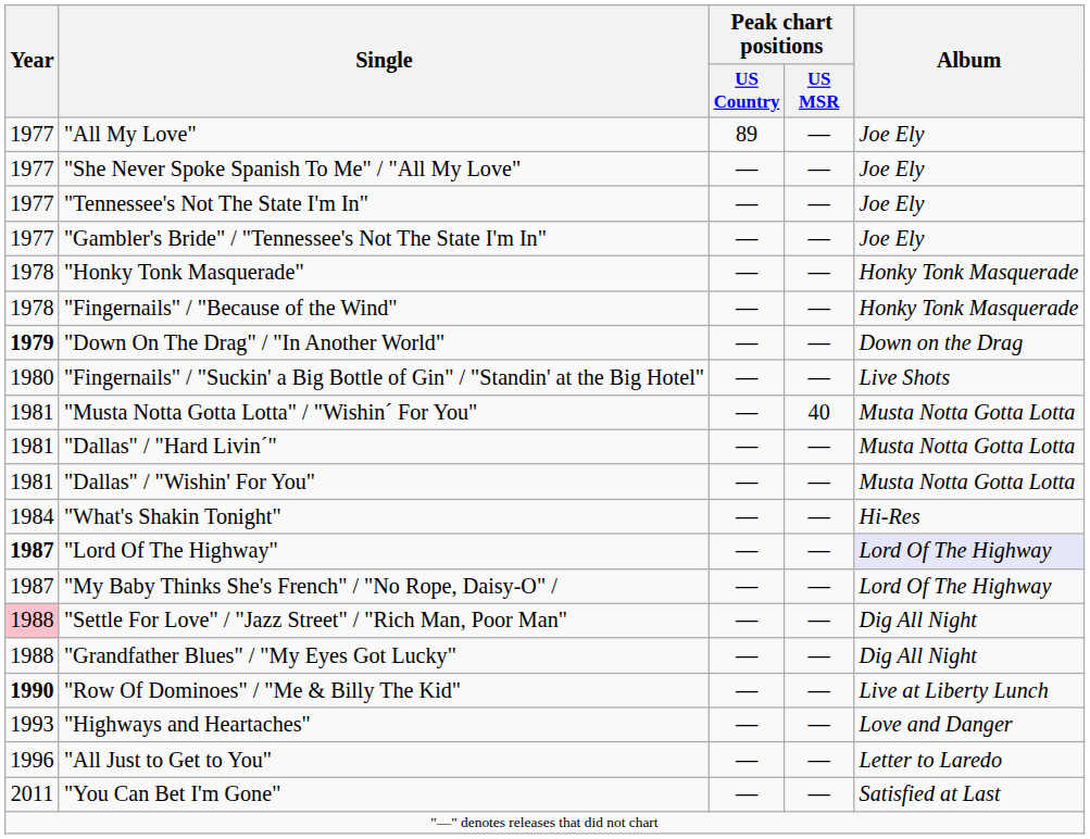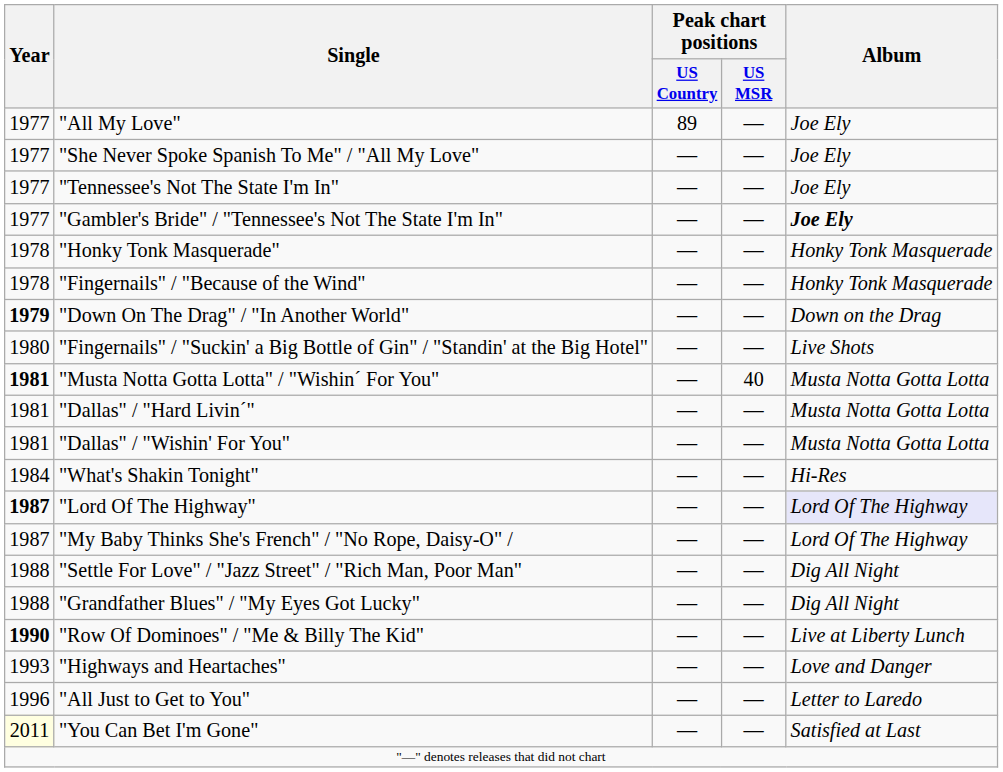 <table class="wikitable" style="text-align:center;">
 <tr>
 <th rowspan="2">Year</th>
 <th rowspan="2">Single</th>
 <th colspan="2">Peak chart<br>positions</th>
 <th rowspan="2">Album</th>
 </tr>
 <tr style="font-size:smaller;">
 <th style="width:45px;"><a href='#'>US Country</a></th>
 <th style="width:45px;"><a href='#'>US MSR</a></th>
 </tr>
 <tr>
 <td>1977</td>
 <td style="text-align:left;">"All My Love"</td>
 <td>89</td>
 <td>—</td>
 <td style="text-align:left;"><em>Joe Ely</em></td>
 </tr>
 <tr>
 <td>1977</td>
 <td style="text-align:left;">"She Never Spoke Spanish To Me" / "All My Love"</td>
 <td>—</td>
 <td>—</td>
 <td style="text-align:left;"><em>Joe Ely</em></td>
 </tr>
 <tr>
 <td>1977</td>
 <td style="text-align:left;">"Tennessee's Not The State I'm In"</td>
 <td>—</td>
 <td>—</td>
 <td style="text-align:left;"><em>Joe Ely</em></td>
 </tr>
 <tr>
 <td>1977</td>
 <td style="text-align:left;">"Gambler's Bride" / "Tennessee's Not The State I'm In"</td>
 <td>—</td>
 <td>—</td>
-<td style="text-align:left;"><em>Joe Ely</em></td>
+<td style="text-align:left;"><strong><em>Joe Ely</em></strong></td>
 </tr>
 <tr>
 <td>1978</td>
 <td style="text-align:left;">"Honky Tonk Masquerade"</td>
 <td>—</td>
 <td>—</td>
 <td style="text-align:left;"><em>Honky Tonk Masquerade</em></td>
 </tr>
 <tr>
 <td>1978</td>
 <td style="text-align:left;">"Fingernails" / "Because of the Wind"</td>
 <td>—</td>
 <td>—</td>
 <td style="text-align:left;"><em>Honky Tonk Masquerade</em></td>
 </tr>
 <tr>
 <td><strong>1979</strong></td>
 <td style="text-align:left;">"Down On The Drag" / "In Another World"</td>
 <td>—</td>
 <td>—</td>
 <td style="text-align:left;"><em>Down on the Drag</em></td>
 </tr>
 <tr>
 <td>1980</td>
 <td style="text-align:left;">"Fingernails" / "Suckin' a Big Bottle of Gin" / "Standin' at the Big Hotel"</td>
 <td>—</td>
 <td>—</td>
 <td style="text-align:left;"><em>Live Shots</em></td>
 </tr>
 <tr>
-<td>1981</td>
+<td><strong>1981</strong></td>
 <td style="text-align:left;">"Musta Notta Gotta Lotta" / "Wishin´ For You"</td>
 <td>—</td>
 <td>40</td>
 <td style="text-align:left;"><em>Musta Notta Gotta Lotta</em></td>
 </tr>
 <tr>
 <td>1981</td>
 <td style="text-align:left;">"Dallas" / "Hard Livin´"</td>
 <td>—</td>
 <td>—</td>
 <td style="text-align:left;"><em>Musta Notta Gotta Lotta</em></td>
 </tr>
 <tr>
 <td>1981</td>
 <td style="text-align:left;">"Dallas" / "Wishin' For You"</td>
 <td>—</td>
 <td>—</td>
 <td style="text-align:left;"><em>Musta Notta Gotta Lotta</em></td>
 </tr>
 <tr>
 <td>1984</td>
 <td style="text-align:left;">"What's Shakin Tonight"</td>
 <td>—</td>
 <td>—</td>
 <td style="text-align:left;"><em>Hi-Res</em></td>
 </tr>
 <tr>
 <td><strong>1987</strong></td>
 <td style="text-align:left;">"Lord Of The Highway"</td>
 <td>—</td>
 <td>—</td>
 <td style="background: lavender; text-align:left;"><em>Lord Of The Highway</em></td>
 </tr>
 <tr>
 <td>1987</td>
 <td style="text-align:left;">"My Baby Thinks She's French" / "No Rope, Daisy-O" /</td>
 <td>—</td>
 <td>—</td>
 <td style="text-align:left;"><em>Lord Of The Highway</em></td>
 </tr>
 <tr>
-<td style="background: pink;">1988</td>
+<td>1988</td>
 <td style="text-align:left;">"Settle For Love" / "Jazz Street" / "Rich Man, Poor Man"</td>
 <td>—</td>
 <td>—</td>
 <td style="text-align:left;"><em>Dig All Night</em></td>
 </tr>
 <tr>
 <td>1988</td>
 <td style="text-align:left;">"Grandfather Blues" / "My Eyes Got Lucky"</td>
 <td>—</td>
 <td>—</td>
 <td style="text-align:left;"><em>Dig All Night</em></td>
 </tr>
 <tr>
 <td><strong>1990</strong></td>
 <td style="text-align:left;">"Row Of Dominoes" / "Me & Billy The Kid"</td>
 <td>—</td>
 <td>—</td>
 <td style="text-align:left;"><em>Live at Liberty Lunch</em></td>
 </tr>
 <tr>
 <td>1993</td>
 <td style="text-align:left;">"Highways and Heartaches"</td>
 <td>—</td>
 <td>—</td>
 <td style="text-align:left;"><em>Love and Danger</em></td>
 </tr>
 <tr>
 <td>1996</td>
 <td style="text-align:left;">"All Just to Get to You"</td>
 <td>—</td>
 <td>—</td>
 <td style="text-align:left;"><em>Letter to Laredo</em></td>
 </tr>
 <tr>
-<td>2011</td>
+<td style="background: lightyellow;">2011</td>
 <td style="text-align:left;">"You Can Bet I'm Gone"</td>
 <td>—</td>
 <td>—</td>
 <td style="text-align:left;"><em>Satisfied at Last</em></td>
 </tr>
 <tr>
 <td colspan="5" style="font-size:8pt">"—" denotes releases that did not chart</td>
 </tr>
 </table>
